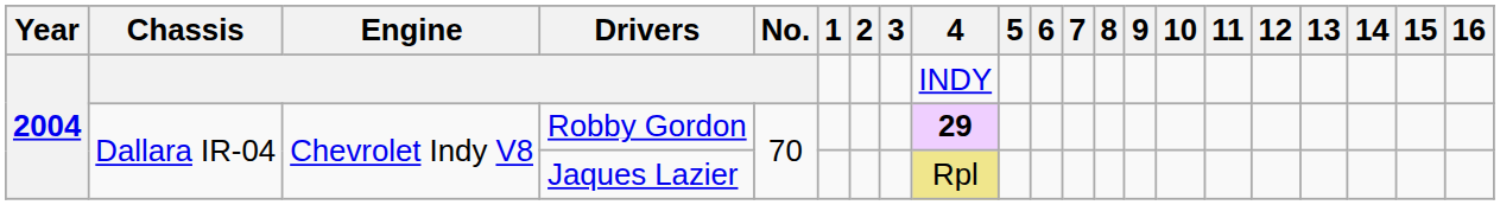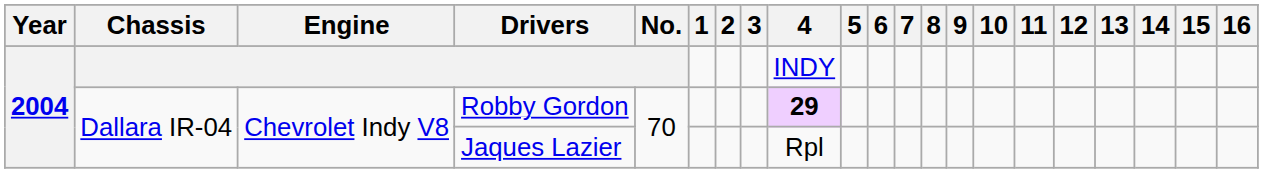 <table class="wikitable" style="text-align:center; font-size:90%">
 <tr>
 <th>Year</th>
 <th>Chassis</th>
 <th>Engine</th>
 <th>Drivers</th>
 <th>No.</th>
 <th>1</th>
 <th>2</th>
 <th>3</th>
 <th>4</th>
 <th>5</th>
 <th>6</th>
 <th>7</th>
 <th>8</th>
 <th>9</th>
 <th>10</th>
 <th>11</th>
 <th>12</th>
 <th>13</th>
 <th>14</th>
 <th>15</th>
 <th>16</th>
 </tr>
 <tr>
 <th rowspan=3><a href='#'>2004</a></th>
 <th colspan=4></th>
 <td></td>
 <td></td>
 <td></td>
 <td><a href='#'>INDY</a></td>
 <td></td>
 <td></td>
 <td></td>
 <td></td>
 <td></td>
 <td></td>
 <td></td>
 <td></td>
 <td></td>
 <td></td>
 <td></td>
 <td></td>
 </tr>
 <tr>
 <td rowspan=2><a href='#'>Dallara</a> IR-04</td>
 <td rowspan=2><a href='#'>Chevrolet</a> Indy <a href='#'>V8</a></td>
 <td align=left> <a href='#'>Robby Gordon</a></td>
 <td rowspan=2>70</td>
 <td></td>
 <td></td>
 <td></td>
 <td style="background:#EFCFFF;" align=center><strong>29</strong></td>
 <td></td>
 <td></td>
 <td></td>
 <td></td>
 <td></td>
 <td></td>
 <td></td>
 <td></td>
 <td></td>
 <td></td>
 <td></td>
 <td></td>
 </tr>
 <tr>
 <td align=left> <a href='#'>Jaques Lazier</a></td>
 <td></td>
 <td></td>
 <td></td>
-<td align=center style="background: khaki;">Rpl</td>
+<td align=center>Rpl</td>
 <td></td>
 <td></td>
 <td></td>
 <td></td>
 <td></td>
 <td></td>
 <td></td>
 <td></td>
 <td></td>
 <td></td>
 <td></td>
 <td></td>
 </tr>
 </table>
